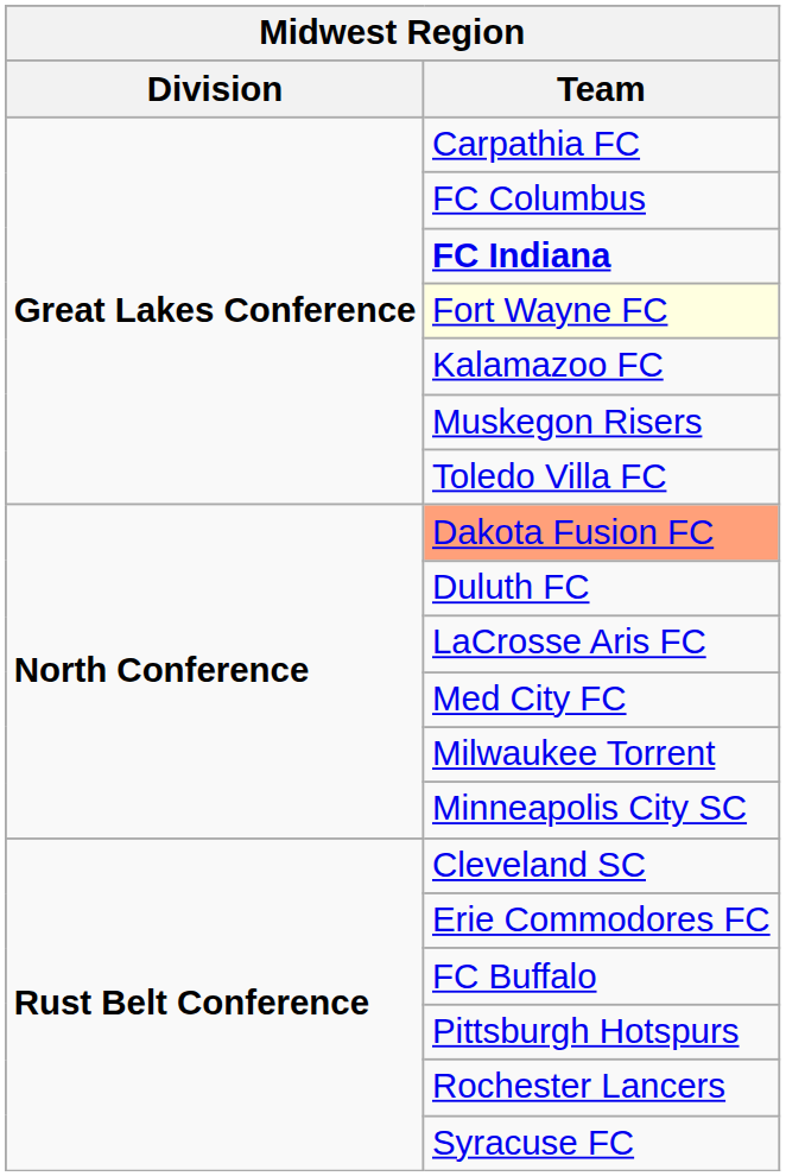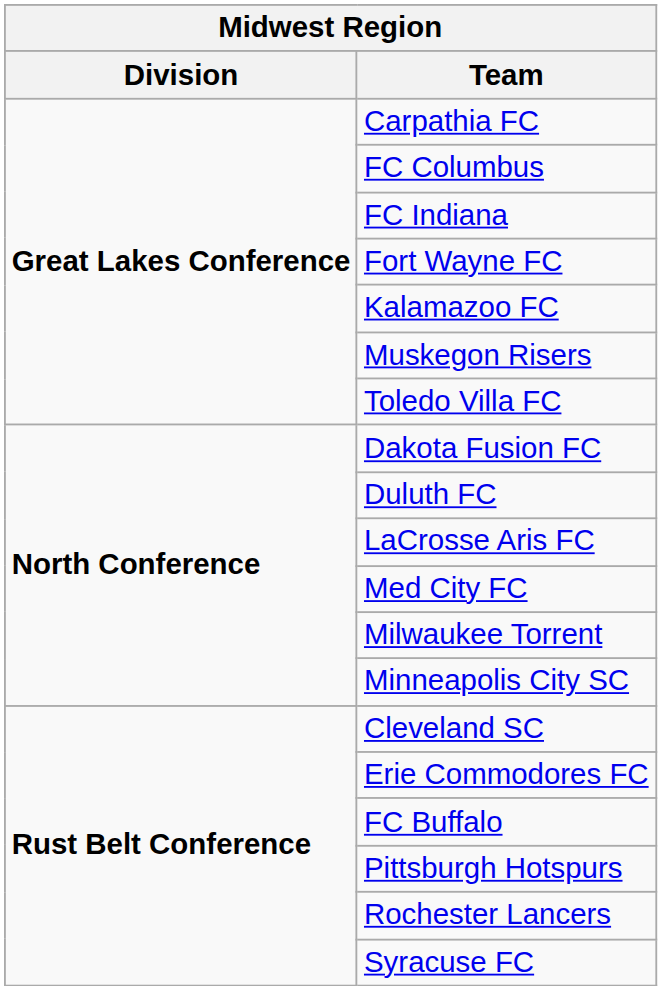 <table class="wikitable" style="text-align:left">
 <tr>
 <th colspan=3>Midwest Region</th>
 </tr>
 <tr>
 <th>Division</th>
 <th>Team</th>
 </tr>
 <tr>
 <td rowspan=7><strong>Great Lakes Conference</strong></td>
 <td><a href='#'>Carpathia FC</a></td>
 </tr>
 <tr>
 <td><a href='#'>FC Columbus</a></td>
 </tr>
 <tr>
-<td><strong><a href='#'>FC Indiana</a></strong></td>
+<td><a href='#'>FC Indiana</a></td>
 </tr>
 <tr>
-<td style="background: lightyellow;"><a href='#'>Fort Wayne FC</a></td>
+<td><a href='#'>Fort Wayne FC</a></td>
 </tr>
 <tr>
 <td><a href='#'>Kalamazoo FC</a></td>
 </tr>
 <tr>
 <td><a href='#'>Muskegon Risers</a></td>
 </tr>
 <tr>
 <td><a href='#'>Toledo Villa FC</a></td>
 </tr>
 <tr>
 <td rowspan=6><strong>North Conference</strong></td>
-<td style="background: lightsalmon;"><a href='#'>Dakota Fusion FC</a></td>
+<td><a href='#'>Dakota Fusion FC</a></td>
 </tr>
 <tr>
 <td><a href='#'>Duluth FC</a></td>
 </tr>
 <tr>
 <td><a href='#'>LaCrosse Aris FC</a></td>
 </tr>
 <tr>
 <td><a href='#'>Med City FC</a></td>
 </tr>
 <tr>
 <td><a href='#'>Milwaukee Torrent</a></td>
 </tr>
 <tr>
 <td><a href='#'>Minneapolis City SC</a></td>
 </tr>
 <tr>
 <td rowspan=6><strong>Rust Belt Conference</strong></td>
 <td><a href='#'>Cleveland SC</a></td>
 </tr>
 <tr>
 <td><a href='#'>Erie Commodores FC</a></td>
 </tr>
 <tr>
 <td><a href='#'>FC Buffalo</a></td>
 </tr>
 <tr>
 <td><a href='#'>Pittsburgh Hotspurs</a></td>
 </tr>
 <tr>
 <td><a href='#'>Rochester Lancers</a></td>
 </tr>
 <tr>
 <td><a href='#'>Syracuse FC</a></td>
 </tr>
 </table>
